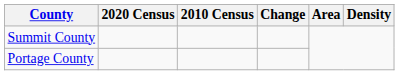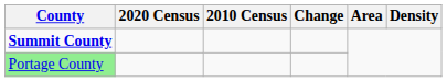 <table class="wikitable sortable">
 <tr>
 <th><a href='#'>County</a></th>
 <th>2020 Census</th>
 <th>2010 Census</th>
 <th>Change</th>
 <th>Area</th>
 <th>Density</th>
 </tr>
 <tr>
-<td><a href='#'>Summit County</a></td>
+<td><strong><a href='#'>Summit County</a></strong></td>
 <td></td>
 <td></td>
 <td></td>
 </tr>
 <tr>
-<td><a href='#'>Portage County</a></td>
+<td style="background: lightgreen;"><a href='#'>Portage County</a></td>
 <td></td>
 <td></td>
 <td></td>
 </tr>
 </table>
